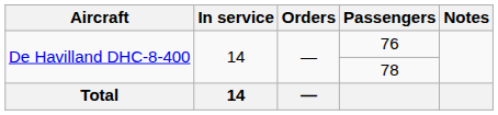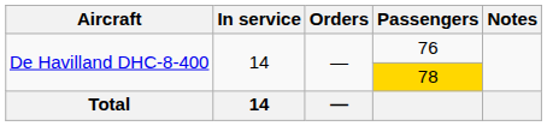 <table class="wikitable" style="margin:1em auto; text-align:center;">
 <tr>
 <th>Aircraft</th>
 <th>In service</th>
 <th>Orders</th>
 <th>Passengers</th>
 <th>Notes</th>
 </tr>
 <tr>
 <td rowspan="2"><a href='#'>De Havilland DHC-8-400</a></td>
 <td rowspan="2">14</td>
 <td rowspan="2">—</td>
 <td>76</td>
 <td rowspan="2"></td>
 </tr>
 <tr>
-<td>78</td>
+<td style="background: gold;">78</td>
 </tr>
 <tr>
 <th>Total</th>
 <th>14</th>
 <th>—</th>
 <th></th>
 <th colspan="2"></th>
 </tr>
 </table>
